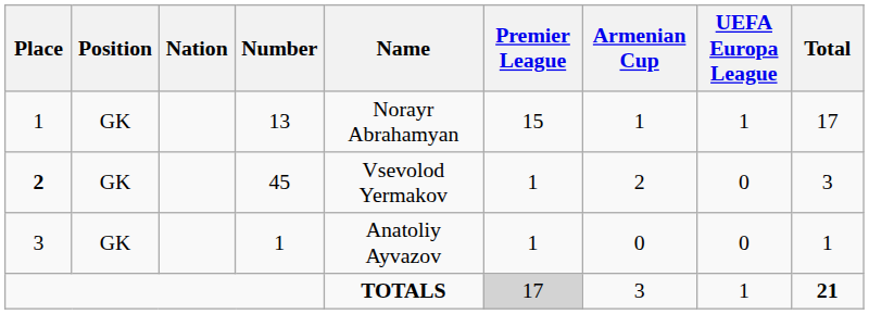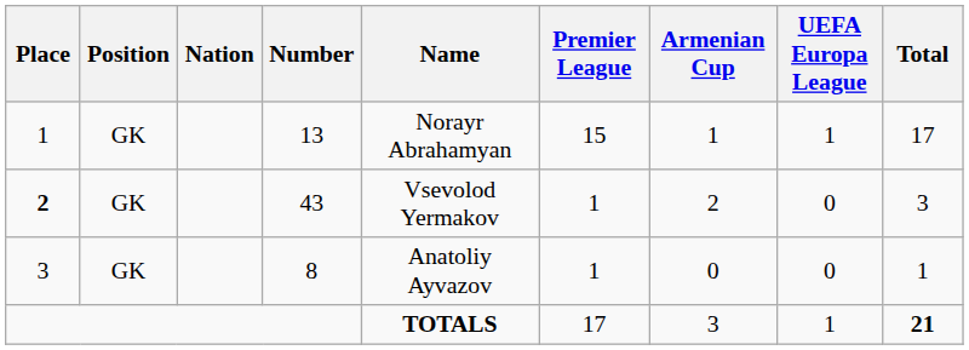 <table class="wikitable" style="font-size: 95%; text-align: center;">
 <tr>
 <th width=60>Place</th>
 <th width=60>Position</th>
 <th width=60>Nation</th>
 <th width=60>Number</th>
 <th width=200>Name</th>
 <th width=100><a href='#'>Premier League</a></th>
 <th width=100><a href='#'>Armenian Cup</a></th>
 <th width=100><a href='#'>UEFA Europa League</a></th>
 <th width=80><strong>Total</strong></th>
 </tr>
 <tr>
 <td>1</td>
 <td>GK</td>
 <td></td>
 <td>13</td>
 <td>Norayr Abrahamyan</td>
 <td>15</td>
 <td>1</td>
 <td>1</td>
 <td>17</td>
 </tr>
 <tr>
 <td><strong>2</strong></td>
 <td>GK</td>
 <td></td>
-<td>45</td>
+<td>43</td>
 <td>Vsevolod Yermakov</td>
 <td>1</td>
 <td>2</td>
 <td>0</td>
 <td>3</td>
 </tr>
 <tr>
 <td>3</td>
 <td>GK</td>
 <td></td>
-<td>1</td>
+<td>8</td>
 <td>Anatoliy Ayvazov</td>
 <td>1</td>
 <td>0</td>
 <td>0</td>
 <td>1</td>
 </tr>
 <tr>
 <td colspan="4"></td>
 <td><strong>TOTALS</strong></td>
-<td style="background: lightgrey;">17</td>
+<td>17</td>
 <td>3</td>
 <td>1</td>
 <td><strong>21</strong></td>
 </tr>
 </table>
